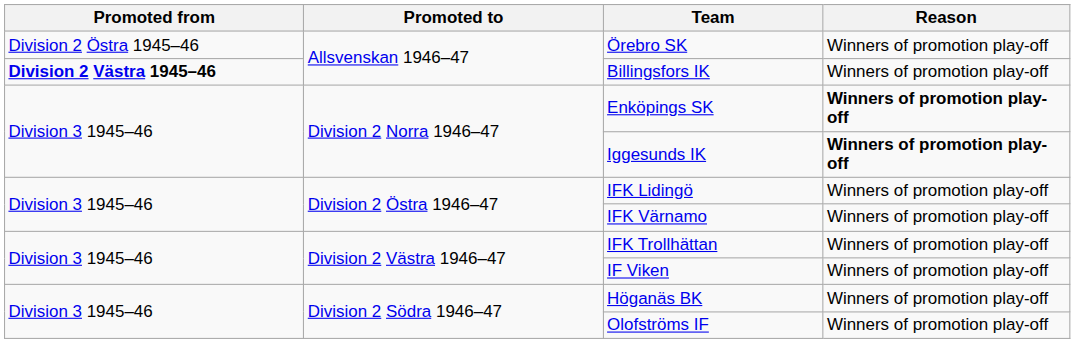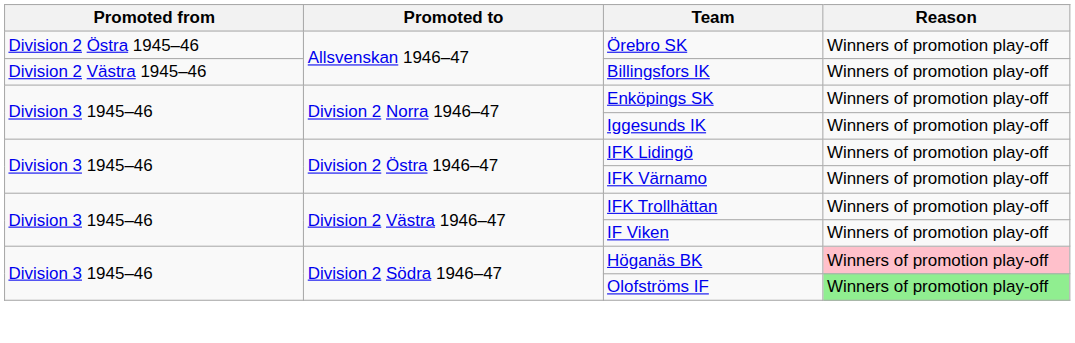 <table class="wikitable" style="text-align: left;">
 <tr>
 <th style="width: 275px;">Promoted from</th>
 <th style="width: 275px;">Promoted to</th>
 <th style="width: 200px;">Team</th>
 <th style="width: 225px;">Reason</th>
 </tr>
 <tr>
 <td><a href='#'>Division 2</a> <a href='#'>Östra</a> 1945–46</td>
 <td rowspan=2><a href='#'>Allsvenskan</a> 1946–47</td>
 <td><a href='#'>Örebro SK</a></td>
 <td>Winners of promotion play-off</td>
 </tr>
 <tr>
-<td><strong><a href='#'>Division 2</a> <a href='#'>Västra</a> 1945–46</strong></td>
+<td><a href='#'>Division 2</a> <a href='#'>Västra</a> 1945–46</td>
 <td><a href='#'>Billingsfors IK</a></td>
 <td>Winners of promotion play-off</td>
 </tr>
 <tr>
 <td rowspan=2><a href='#'>Division 3</a> 1945–46</td>
 <td rowspan=2><a href='#'>Division 2</a> <a href='#'>Norra</a> 1946–47</td>
 <td><a href='#'>Enköpings SK</a></td>
-<td><strong>Winners of promotion play-off</strong></td>
+<td>Winners of promotion play-off</td>
 </tr>
 <tr>
 <td><a href='#'>Iggesunds IK</a></td>
-<td><strong>Winners of promotion play-off</strong></td>
+<td>Winners of promotion play-off</td>
 </tr>
 <tr>
 <td rowspan=2><a href='#'>Division 3</a> 1945–46</td>
 <td rowspan=2><a href='#'>Division 2</a> <a href='#'>Östra</a> 1946–47</td>
 <td><a href='#'>IFK Lidingö</a></td>
 <td>Winners of promotion play-off</td>
 </tr>
 <tr>
 <td><a href='#'>IFK Värnamo</a></td>
 <td>Winners of promotion play-off</td>
 </tr>
 <tr>
 <td rowspan=2><a href='#'>Division 3</a> 1945–46</td>
 <td rowspan=2><a href='#'>Division 2</a> <a href='#'>Västra</a> 1946–47</td>
 <td><a href='#'>IFK Trollhättan</a></td>
 <td>Winners of promotion play-off</td>
 </tr>
 <tr>
 <td><a href='#'>IF Viken</a></td>
 <td>Winners of promotion play-off</td>
 </tr>
 <tr>
 <td rowspan=2><a href='#'>Division 3</a> 1945–46</td>
 <td rowspan=2><a href='#'>Division 2</a> <a href='#'>Södra</a> 1946–47</td>
 <td><a href='#'>Höganäs BK</a></td>
-<td>Winners of promotion play-off</td>
+<td style="background: pink;">Winners of promotion play-off</td>
 </tr>
 <tr>
 <td><a href='#'>Olofströms IF</a></td>
-<td>Winners of promotion play-off</td>
+<td style="background: lightgreen;">Winners of promotion play-off</td>
 </tr>
 </table>
